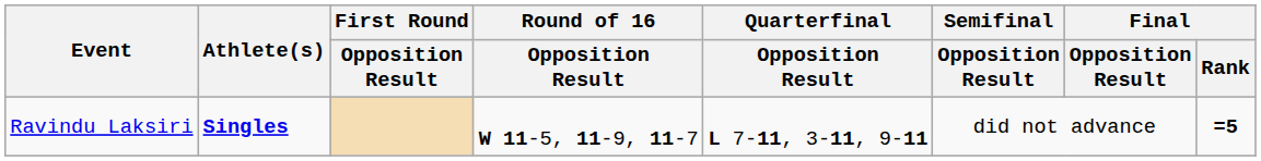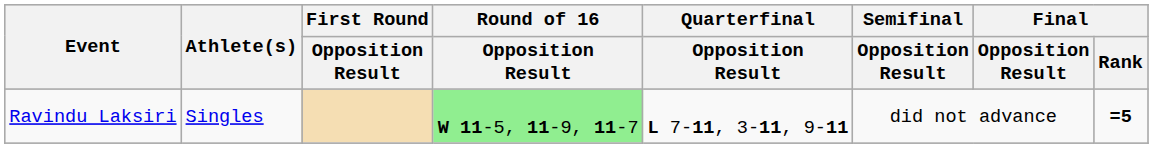 <table class="wikitable" border="1" style="font-size:90%">
 <tr>
 <th rowspan=2>Event</th>
 <th rowspan=2>Athlete(s)</th>
 <th>First Round</th>
 <th>Round of 16</th>
 <th>Quarterfinal</th>
 <th>Semifinal</th>
 <th colspan=2>Final</th>
 </tr>
 <tr>
 <th>Opposition<br>Result</th>
 <th>Opposition<br>Result</th>
 <th>Opposition<br>Result</th>
 <th>Opposition<br>Result</th>
 <th>Opposition<br>Result</th>
 <th>Rank</th>
 </tr>
 <tr>
 <td><a href='#'>Ravindu Laksiri</a></td>
-<td><strong><a href='#'>Singles</a></strong></td>
+<td><a href='#'>Singles</a></td>
 <td bgcolor=wheat></td>
-<td align=center><br><strong>W</strong> <strong>11</strong>-5, <strong>11</strong>-9, <strong>11</strong>-7</td>
+<td align=center style="background: lightgreen;"><br><strong>W</strong> <strong>11</strong>-5, <strong>11</strong>-9, <strong>11</strong>-7</td>
 <td align=center><br><strong>L</strong> 7-<strong>11</strong>, 3-<strong>11</strong>, 9-<strong>11</strong></td>
 <td align=center colspan=2>did not advance</td>
 <td align=center><strong>=5</strong></td>
 </tr>
 </table>
